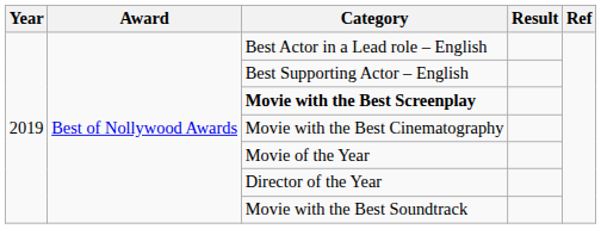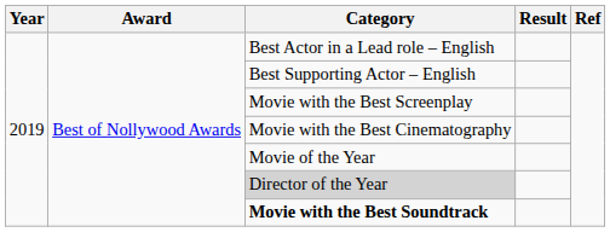 <table class="wikitable">
 <tr>
 <th>Year</th>
 <th>Award</th>
 <th>Category</th>
 <th>Result</th>
 <th>Ref</th>
 </tr>
 <tr>
 <td rowspan="7">2019</td>
 <td rowspan="7"><a href='#'>Best of Nollywood Awards</a></td>
 <td>Best Actor in a Lead role – English</td>
 <td></td>
 <td rowspan="7"></td>
 </tr>
 <tr>
 <td>Best Supporting Actor – English</td>
 <td></td>
 </tr>
 <tr>
-<td><strong>Movie with the Best Screenplay</strong></td>
+<td>Movie with the Best Screenplay</td>
 <td></td>
 </tr>
 <tr>
 <td>Movie with the Best Cinematography</td>
 <td></td>
 </tr>
 <tr>
 <td>Movie of the Year</td>
 <td></td>
 </tr>
 <tr>
-<td>Director of the Year</td>
+<td style="background: lightgrey;">Director of the Year</td>
 <td></td>
 </tr>
 <tr>
-<td>Movie with the Best Soundtrack</td>
+<td><strong>Movie with the Best Soundtrack</strong></td>
 <td></td>
 </tr>
 </table>
